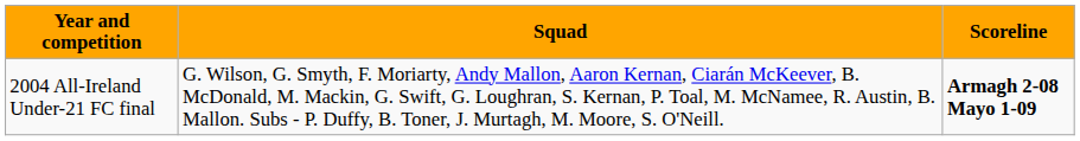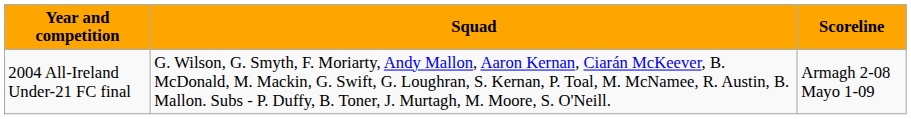 <table class="wikitable">
 <tr>
 <th style="background:orange">Year and competition</th>
 <th style="background:orange">Squad</th>
 <th style="background:orange">Scoreline</th>
 </tr>
 <tr>
 <td>2004 All-Ireland Under-21 FC final</td>
 <td>G. Wilson, G. Smyth, F. Moriarty, <a href='#'>Andy Mallon</a>, <a href='#'>Aaron Kernan</a>, <a href='#'>Ciarán McKeever</a>, B. McDonald, M. Mackin, G. Swift, G. Loughran, S. Kernan, P. Toal, M. McNamee, R. Austin, B. Mallon. Subs - P. Duffy, B. Toner, J. Murtagh, M. Moore, S. O'Neill.</td>
-<td><strong>Armagh 2-08 Mayo 1-09</strong></td>
+<td>Armagh 2-08 Mayo 1-09</td>
 </tr>
 </table>
